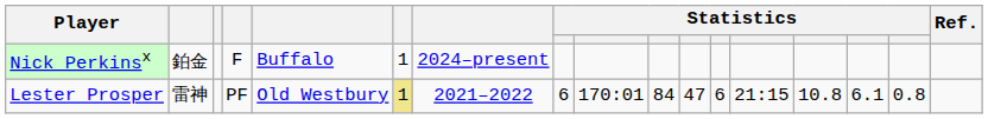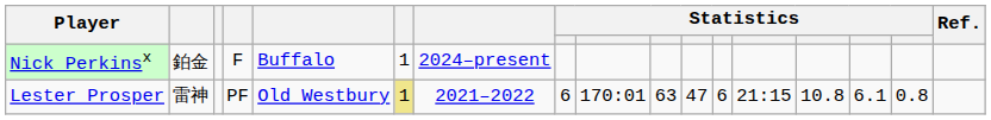 <table class="wikitable sortable" style="font-size:95%; text-align:right;">
 <tr>
 <th rowspan="2">Player</th>
 <th rowspan="2"></th>
 <th rowspan="2"></th>
 <th rowspan="2"></th>
 <th rowspan="2"></th>
 <th rowspan="2"></th>
 <th rowspan="2"></th>
 <th colspan="9">Statistics</th>
 <th rowspan="2">Ref.</th>
 </tr>
 <tr>
 <th></th>
 <th></th>
 <th></th>
 <th></th>
 <th></th>
 <th></th>
 <th></th>
 <th></th>
 <th></th>
 </tr>
 <tr>
 <td align="left" bgcolor="#CCFFCC"><a href='#'>Nick Perkins</a><sup>x</sup></td>
 <td align="left">鉑金</td>
 <td align="center"></td>
 <td align="center">F</td>
 <td align="left"><a href='#'>Buffalo</a></td>
 <td align="center">1</td>
 <td align="center"><a href='#'>2024–present</a></td>
 <td></td>
 <td></td>
 <td></td>
 <td></td>
 <td></td>
 <td></td>
 <td></td>
 <td></td>
 <td></td>
 <td align="center"></td>
 </tr>
 <tr>
 <td align="left"><a href='#'>Lester Prosper</a></td>
 <td align="left">雷神</td>
 <td align="center"></td>
 <td align="center">PF</td>
 <td align="left"><a href='#'>Old Westbury</a></td>
 <td align="center" style="background: khaki;">1</td>
 <td align="center"><a href='#'>2021–2022</a></td>
 <td>6</td>
 <td>170:01</td>
-<td>84</td>
+<td>63</td>
 <td>47</td>
 <td>6</td>
 <td>21:15</td>
 <td>10.8</td>
 <td>6.1</td>
 <td>0.8</td>
 <td align="center"></td>
 </tr>
 </table>
